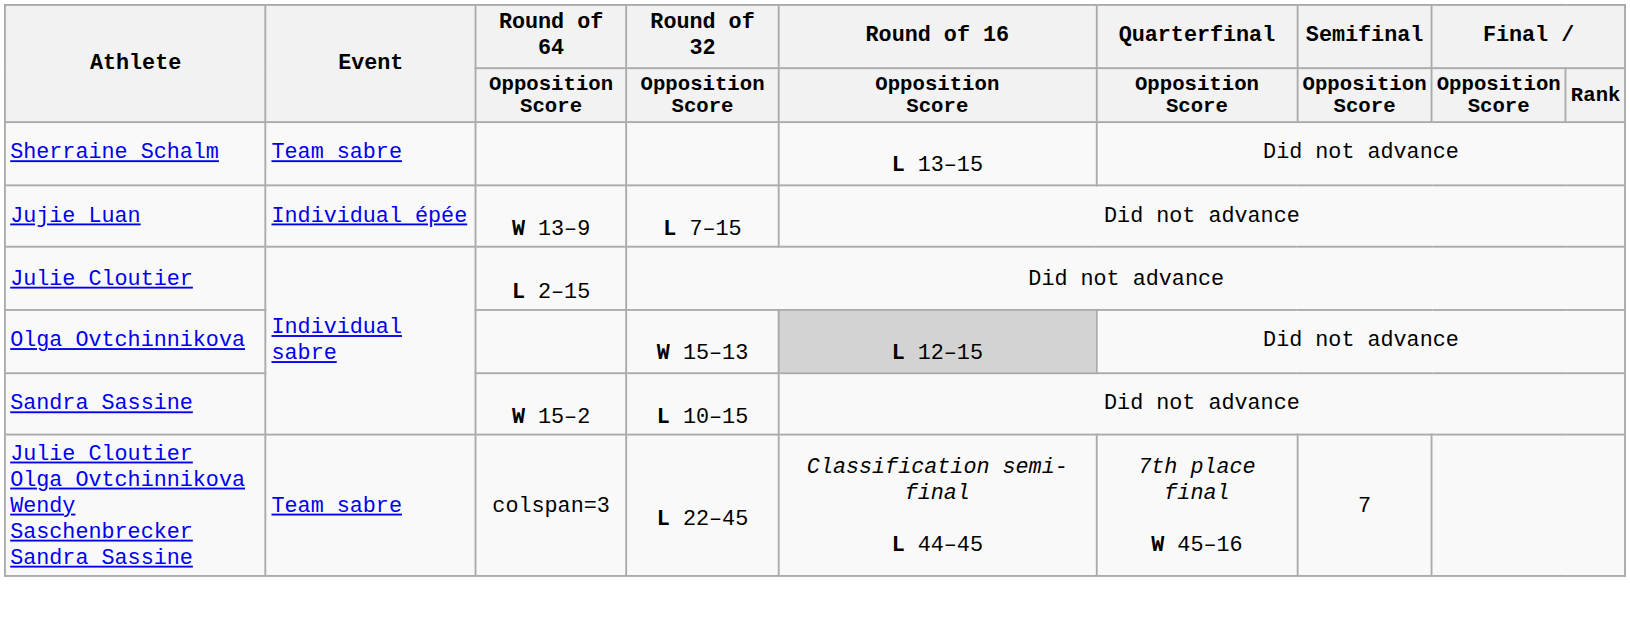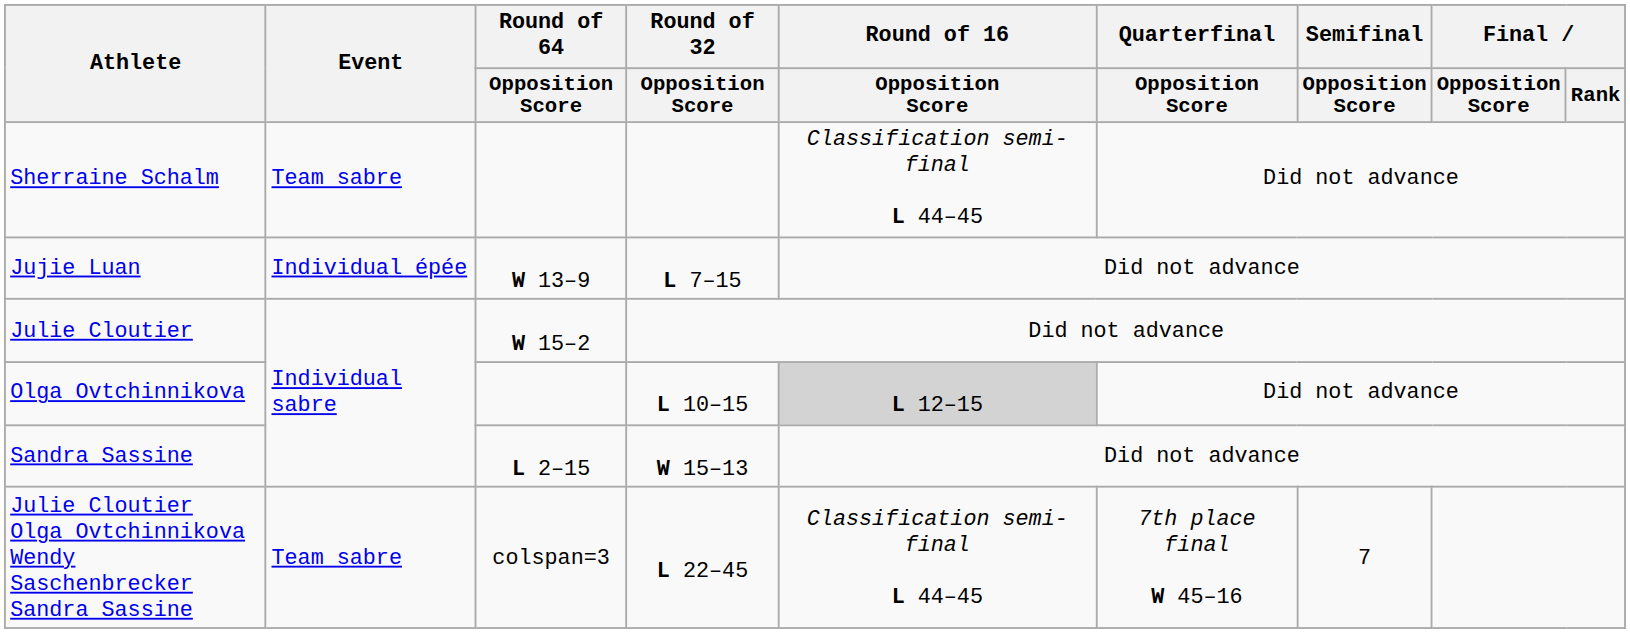 <table class="wikitable" style="font-size:90%">
 <tr>
 <th rowspan="2">Athlete</th>
 <th rowspan="2">Event</th>
 <th>Round of 64</th>
 <th>Round of 32</th>
 <th>Round of 16</th>
 <th>Quarterfinal</th>
 <th>Semifinal</th>
 <th colspan=2>Final / </th>
 </tr>
 <tr style="font-size:95%">
 <th>Opposition <br> Score</th>
 <th>Opposition <br> Score</th>
 <th>Opposition <br> Score</th>
 <th>Opposition <br> Score</th>
 <th>Opposition <br> Score</th>
 <th>Opposition <br> Score</th>
 <th>Rank</th>
 </tr>
 <tr align=center>
 <td align=left><a href='#'>Sherraine Schalm</a></td>
 <td align=left><a href='#'>Team sabre</a></td>
 <td></td>
 <td></td>
-<td> <br> <strong>L</strong> 13–15</td>
+<td><em>Classification semi-final</em><br><br><strong>L</strong> 44–45</td>
 <td colspan=4>Did not advance</td>
 </tr>
 <tr align=center>
 <td align=left><a href='#'>Jujie Luan</a></td>
 <td align=left><a href='#'>Individual épée</a></td>
 <td> <br> <strong>W</strong> 13–9</td>
 <td> <br> <strong>L</strong> 7–15</td>
 <td colspan=5>Did not advance</td>
 </tr>
 <tr align=center>
 <td align=left><a href='#'>Julie Cloutier</a></td>
 <td align=left rowspan=3><a href='#'>Individual sabre</a></td>
-<td> <br> <strong>L</strong> 2–15</td>
+<td><br> <strong>W</strong> 15–2</td>
 <td colspan=6>Did not advance</td>
 </tr>
 <tr align=center>
 <td align=left><a href='#'>Olga Ovtchinnikova</a></td>
 <td></td>
-<td> <br> <strong>W</strong> 15–13</td>
+<td><br> <strong>L</strong> 10–15</td>
 <td style="background: lightgrey;"> <br> <strong>L</strong> 12–15</td>
 <td colspan=4>Did not advance</td>
 </tr>
 <tr align=center>
 <td align=left><a href='#'>Sandra Sassine</a></td>
-<td><br> <strong>W</strong> 15–2</td>
-<td><br> <strong>L</strong> 10–15</td>
+<td> <br> <strong>L</strong> 2–15</td>
+<td> <br> <strong>W</strong> 15–13</td>
 <td colspan=5>Did not advance</td>
 </tr>
 <tr align=center>
 <td align=left><a href='#'>Julie Cloutier</a> <br><a href='#'>Olga Ovtchinnikova</a><br><a href='#'>Wendy Saschenbrecker</a><br><a href='#'>Sandra Sassine</a></td>
 <td align=left><a href='#'>Team sabre</a></td>
 <td>colspan=3 </td>
 <td><br><strong>L</strong> 22–45</td>
 <td><em>Classification semi-final</em><br><br><strong>L</strong> 44–45</td>
 <td><em>7th place final</em><br><br><strong>W</strong> 45–16</td>
 <td>7</td>
 </tr>
 </table>
